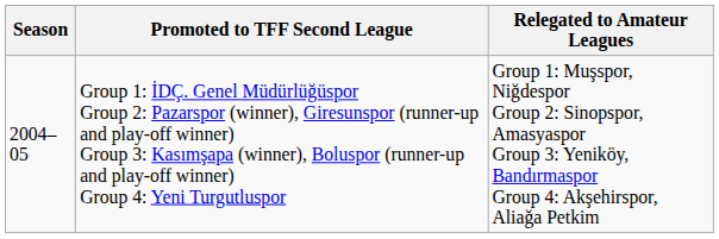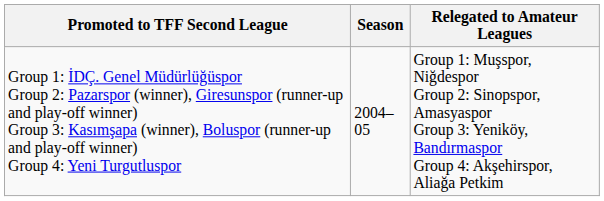 <table class="wikitable">
 <tr>
+<th>Promoted to TFF Second League</th>
 <th>Season</th>
-<th>Promoted to TFF Second League</th>
 <th>Relegated to Amateur Leagues</th>
 </tr>
 <tr>
+<td>Group 1: <a href='#'>İDÇ. Genel Müdürlüğüspor</a><br>Group 2: <a href='#'>Pazarspor</a> (winner), <a href='#'>Giresunspor</a> (runner-up and play-off winner)<br>Group 3: <a href='#'>Kasımşapa</a> (winner), <a href='#'>Boluspor</a> (runner-up and play-off winner)<br>Group 4: <a href='#'>Yeni Turgutluspor</a></td>
 <td>2004–05</td>
-<td>Group 1: <a href='#'>İDÇ. Genel Müdürlüğüspor</a><br>Group 2: <a href='#'>Pazarspor</a> (winner), <a href='#'>Giresunspor</a> (runner-up and play-off winner)<br>Group 3: <a href='#'>Kasımşapa</a> (winner), <a href='#'>Boluspor</a> (runner-up and play-off winner)<br>Group 4: <a href='#'>Yeni Turgutluspor</a></td>
 <td>Group 1: Muşspor, Niğdespor<br>Group 2: Sinopspor, Amasyaspor <br>Group 3: Yeniköy, <a href='#'>Bandırmaspor</a><br>Group 4: Akşehirspor, Aliağa Petkim</td>
 </tr>
 </table>
